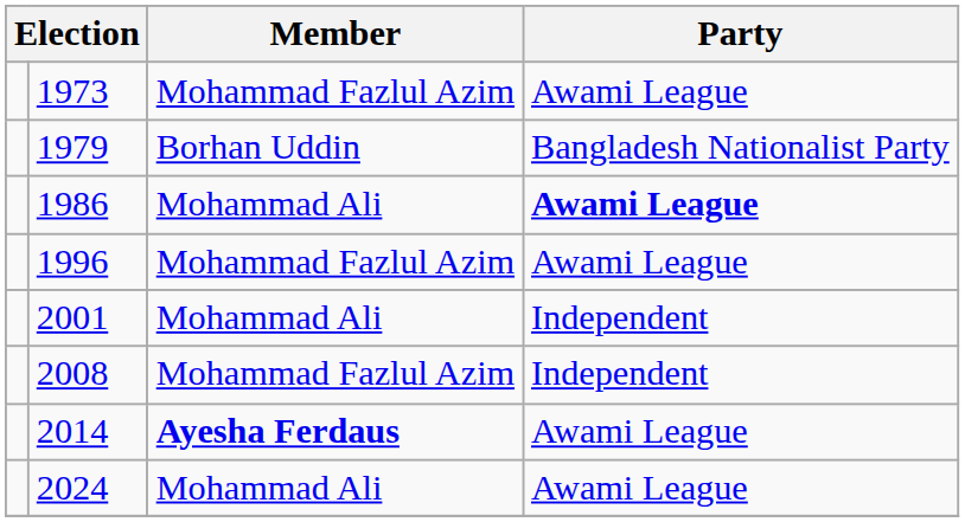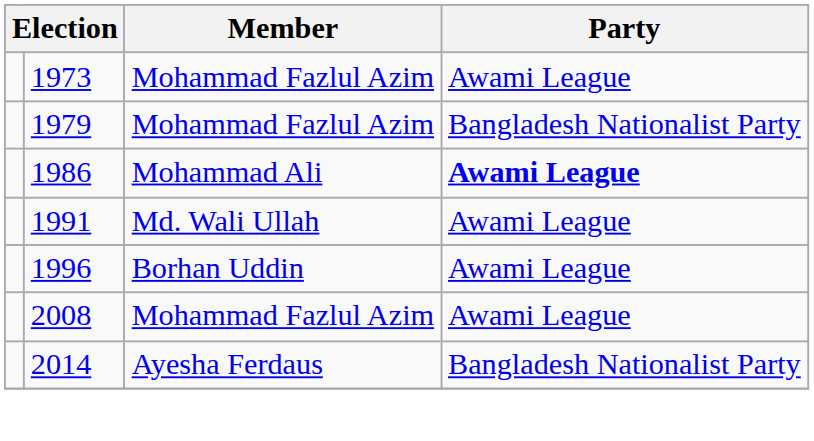 <table class="wikitable">
 <tr>
 <th colspan="2">Election</th>
 <th>Member</th>
 <th>Party</th>
 </tr>
 <tr>
 <td style="background-color:"></td>
 <td><a href='#'>1973</a></td>
 <td><a href='#'>Mohammad Fazlul Azim</a></td>
 <td><a href='#'>Awami League</a></td>
 </tr>
 <tr>
 <td style="background-color:"></td>
 <td><a href='#'>1979</a></td>
-<td><a href='#'>Borhan Uddin</a></td>
+<td><a href='#'>Mohammad Fazlul Azim</a></td>
 <td><a href='#'>Bangladesh Nationalist Party</a></td>
 </tr>
 <tr>
 <td style="background-color:"></td>
 <td><a href='#'>1986</a></td>
 <td><a href='#'>Mohammad Ali</a></td>
 <td><strong><a href='#'>Awami League</a></strong></td>
 </tr>
 <tr>
 <td style="background-color:"></td>
+<td><a href='#'>1991</a></td>
+<td><a href='#'>Md. Wali Ullah</a></td>
+<td><a href='#'>Awami League</a></td>
+</tr>
+<tr>
+<td style="background-color:"></td>
 <td><a href='#'>1996</a></td>
+<td><a href='#'>Borhan Uddin</a></td>
+<td><a href='#'>Awami League</a></td>
+</tr>
+<tr>
+<td style="background-color:"></td>
+<td><a href='#'>2008</a></td>
 <td><a href='#'>Mohammad Fazlul Azim</a></td>
 <td><a href='#'>Awami League</a></td>
 </tr>
 <tr>
 <td style="background-color:"></td>
-<td><a href='#'>2001</a></td>
-<td><a href='#'>Mohammad Ali</a></td>
-<td><a href='#'>Independent</a></td>
-</tr>
-<tr>
-<td style="background-color:"></td>
-<td><a href='#'>2008</a></td>
-<td><a href='#'>Mohammad Fazlul Azim</a></td>
-<td><a href='#'>Independent</a></td>
-</tr>
-<tr>
-<td style="background-color:"></td>
 <td><a href='#'>2014</a></td>
-<td><strong><a href='#'>Ayesha Ferdaus</a></strong></td>
-<td><a href='#'>Awami League</a></td>
-</tr>
-<tr>
-<td style="background-color:"></td>
-<td><a href='#'>2024</a></td>
-<td><a href='#'>Mohammad Ali</a></td>
-<td><a href='#'>Awami League</a></td>
+<td><a href='#'>Ayesha Ferdaus</a></td>
+<td><a href='#'>Bangladesh Nationalist Party</a></td>
 </tr>
 <tr>
 </tr>
 </table>
